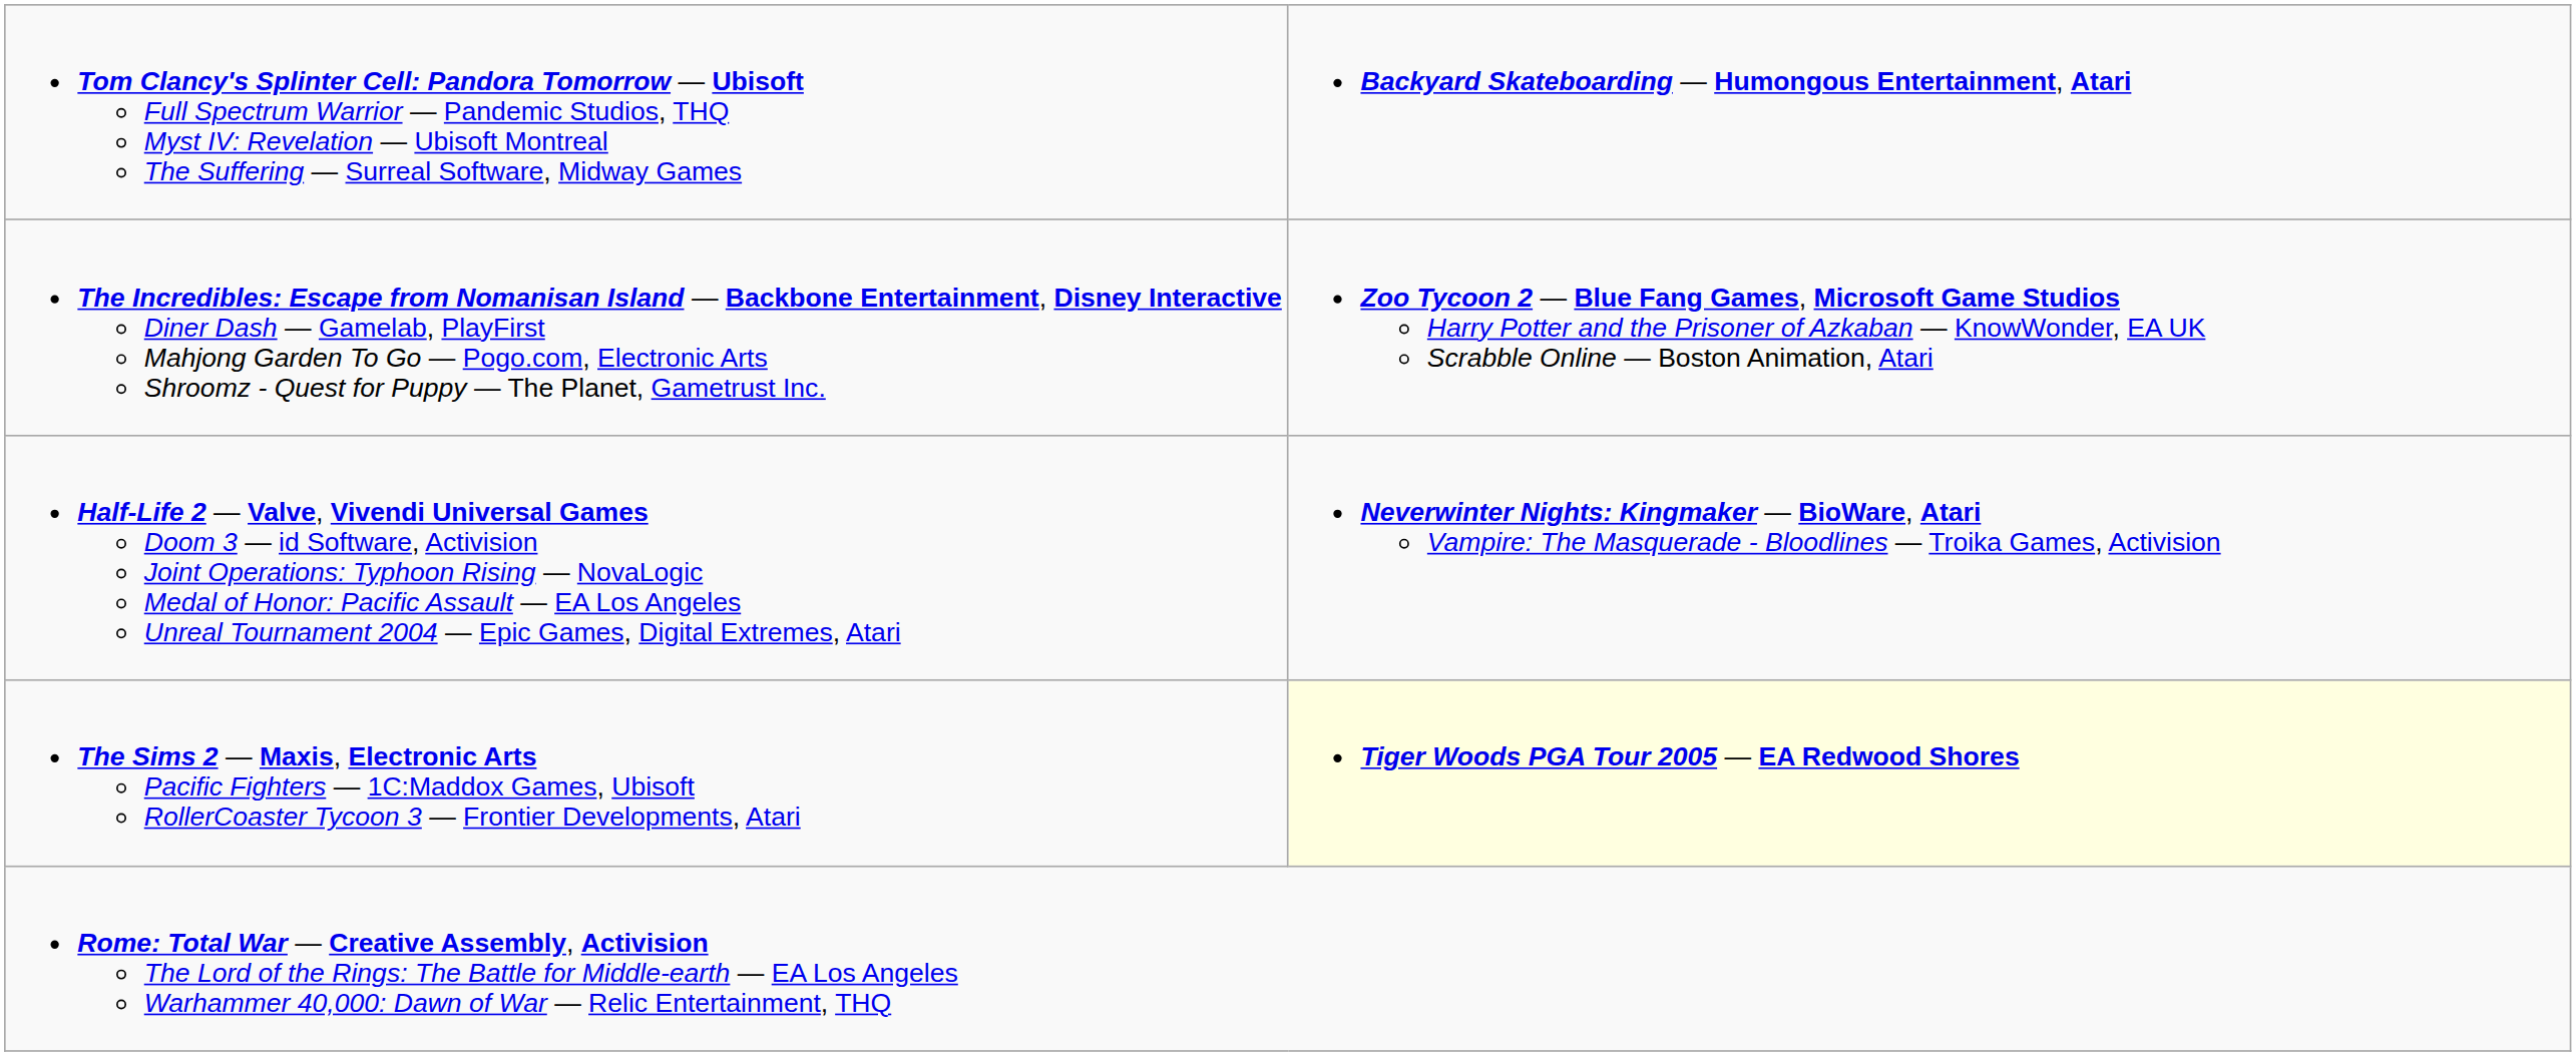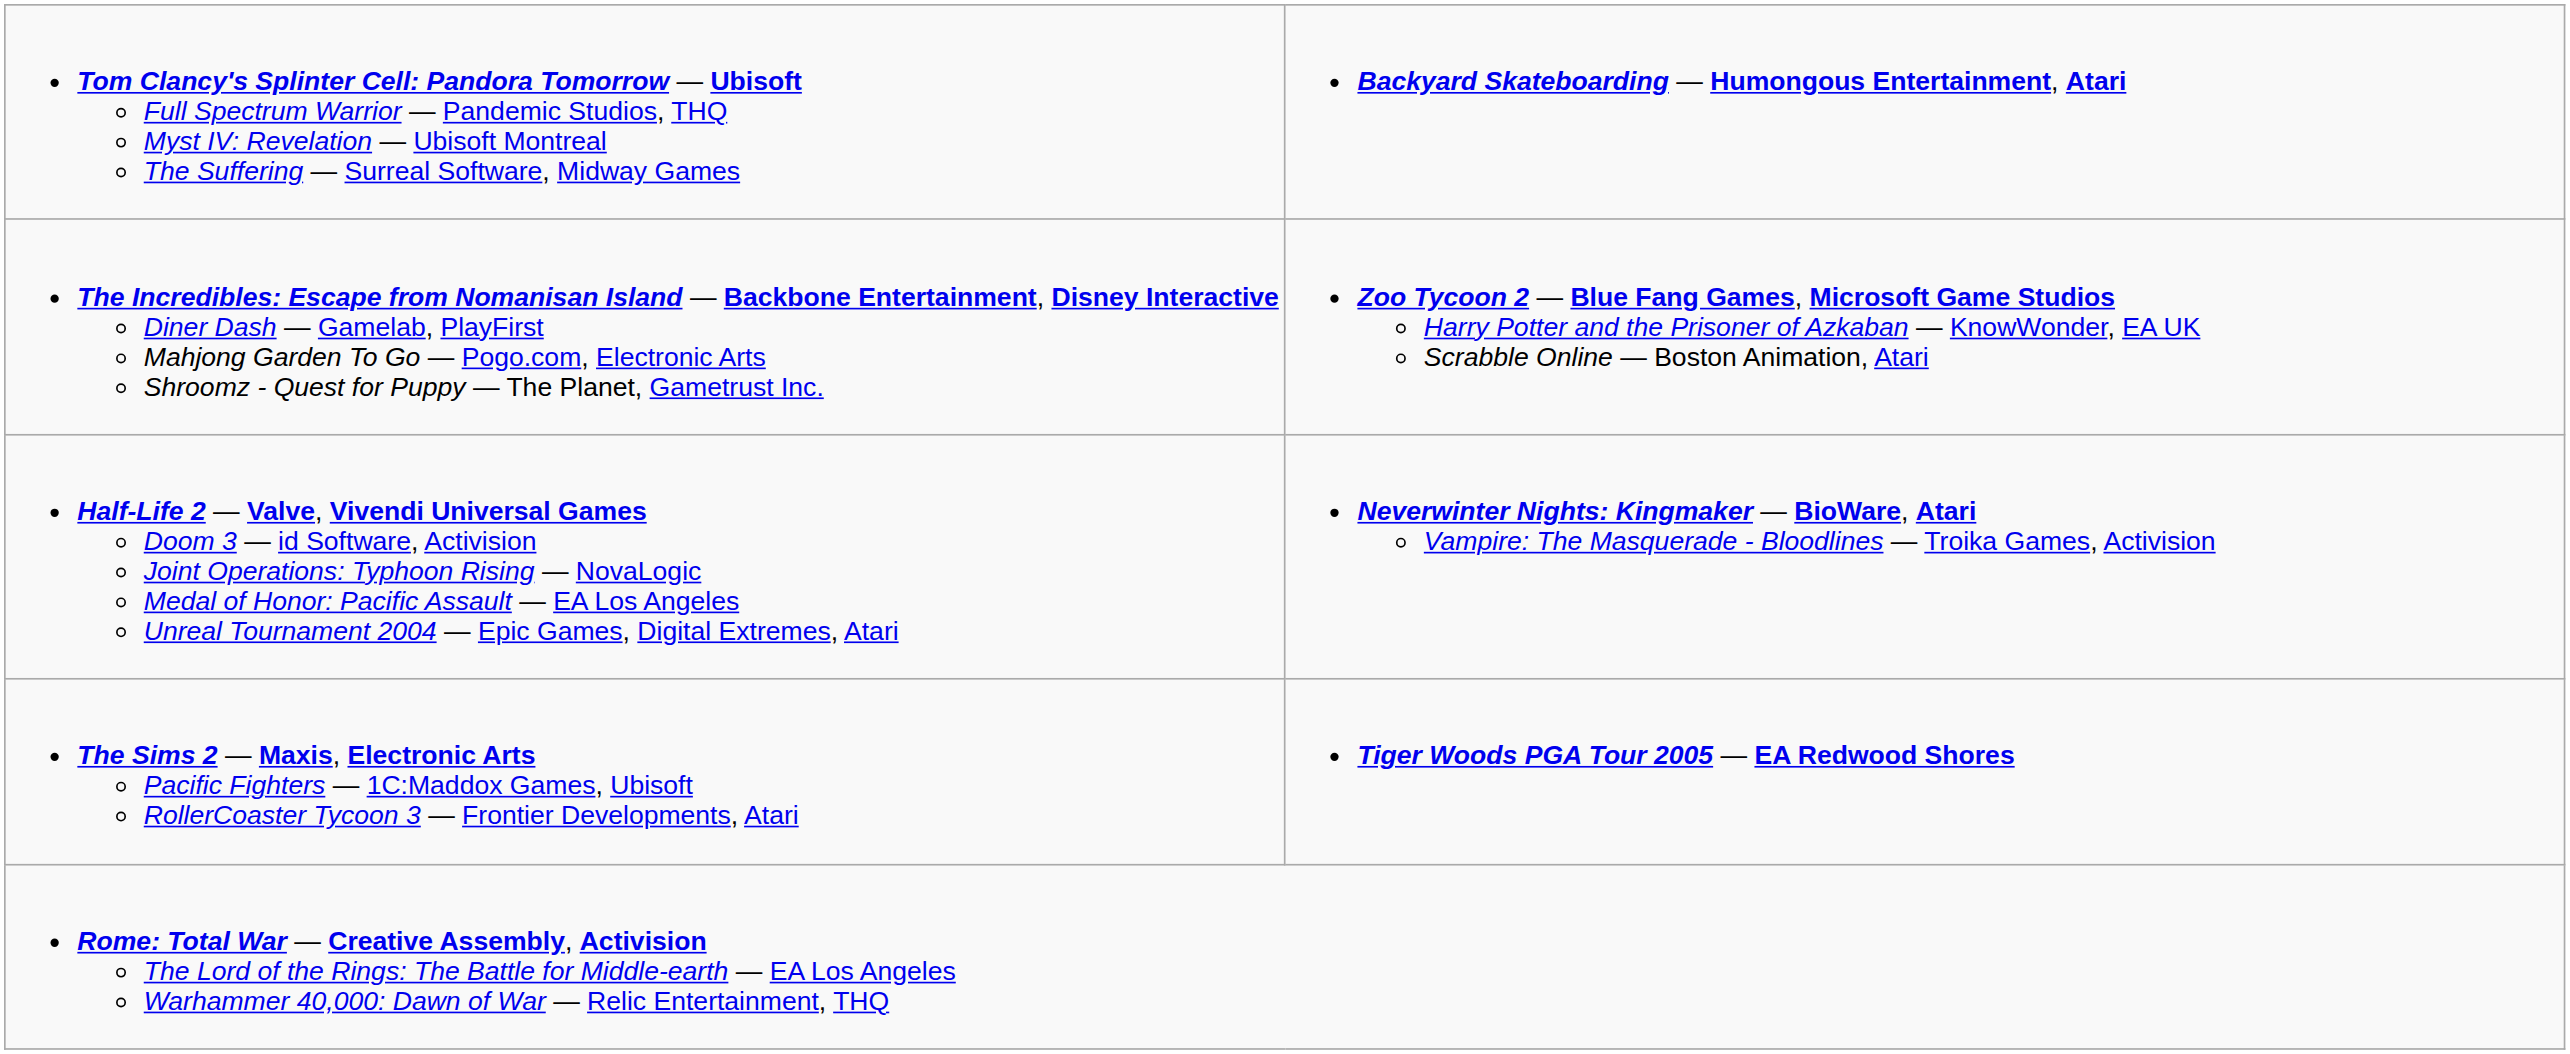 <table class="wikitable">
 <tr>
 <td valign="top" width="50%"><br><ul><li><strong><em><a href='#'>Tom Clancy's Splinter Cell: Pandora Tomorrow</a></em></strong> — <strong><a href='#'>Ubisoft</a></strong><ul><li><em><a href='#'>Full Spectrum Warrior</a></em> — <a href='#'>Pandemic Studios</a>, <a href='#'>THQ</a></li><li><em><a href='#'>Myst IV: Revelation</a></em> — <a href='#'>Ubisoft Montreal</a></li><li><em><a href='#'>The Suffering</a></em> — <a href='#'>Surreal Software</a>, <a href='#'>Midway Games</a></li></ul></li></ul></td>
 <td valign="top" width="50%"><br><ul><li><strong><em><a href='#'>Backyard Skateboarding</a></em></strong> — <strong><a href='#'>Humongous Entertainment</a></strong>, <strong><a href='#'>Atari</a></strong></li></ul></td>
 </tr>
 <tr>
 <td valign="top" width="50%"><br><ul><li><strong><em><a href='#'>The Incredibles: Escape from Nomanisan Island</a></em></strong> — <strong><a href='#'>Backbone Entertainment</a></strong>, <strong><a href='#'>Disney Interactive</a></strong><ul><li><em><a href='#'>Diner Dash</a></em> — <a href='#'>Gamelab</a>, <a href='#'>PlayFirst</a></li><li><em>Mahjong Garden To Go</em> — <a href='#'>Pogo.com</a>, <a href='#'>Electronic Arts</a></li><li><em>Shroomz - Quest for Puppy</em> — The Planet, <a href='#'>Gametrust Inc.</a></li></ul></li></ul></td>
 <td valign="top" width="50%"><br><ul><li><strong><em><a href='#'>Zoo Tycoon 2</a></em></strong> — <strong><a href='#'>Blue Fang Games</a></strong>, <strong><a href='#'>Microsoft Game Studios</a></strong><ul><li><em><a href='#'>Harry Potter and the Prisoner of Azkaban</a></em> — <a href='#'>KnowWonder</a>, <a href='#'>EA UK</a></li><li><em>Scrabble Online</em> — Boston Animation, <a href='#'>Atari</a></li></ul></li></ul></td>
 </tr>
 <tr>
 <td valign="top" width="50%"><br><ul><li><strong><em><a href='#'>Half-Life 2</a></em></strong> — <strong><a href='#'>Valve</a></strong>, <strong><a href='#'>Vivendi Universal Games</a></strong><ul><li><em><a href='#'>Doom 3</a></em> — <a href='#'>id Software</a>, <a href='#'>Activision</a></li><li><em><a href='#'>Joint Operations: Typhoon Rising</a></em> — <a href='#'>NovaLogic</a></li><li><em><a href='#'>Medal of Honor: Pacific Assault</a></em> — <a href='#'>EA Los Angeles</a></li><li><em><a href='#'>Unreal Tournament 2004</a></em> — <a href='#'>Epic Games</a>, <a href='#'>Digital Extremes</a>, <a href='#'>Atari</a></li></ul></li></ul></td>
 <td valign="top" width="50%"><br><ul><li><strong><em><a href='#'>Neverwinter Nights: Kingmaker</a></em></strong> — <strong><a href='#'>BioWare</a></strong>, <strong><a href='#'>Atari</a></strong><ul><li><em><a href='#'>Vampire: The Masquerade - Bloodlines</a></em> — <a href='#'>Troika Games</a>, <a href='#'>Activision</a></li></ul></li></ul></td>
 </tr>
 <tr>
 <td valign="top" width="50%"><br><ul><li><strong><em><a href='#'>The Sims 2</a></em></strong> — <strong><a href='#'>Maxis</a></strong>, <strong><a href='#'>Electronic Arts</a></strong><ul><li><em><a href='#'>Pacific Fighters</a></em> — <a href='#'>1C:Maddox Games</a>, <a href='#'>Ubisoft</a></li><li><em><a href='#'>RollerCoaster Tycoon 3</a></em> — <a href='#'>Frontier Developments</a>, <a href='#'>Atari</a></li></ul></li></ul></td>
-<td valign="top" width="50%" style="background: lightyellow;"><br><ul><li><strong><em><a href='#'>Tiger Woods PGA Tour 2005</a></em></strong> — <strong><a href='#'>EA Redwood Shores</a></strong></li></ul></td>
+<td valign="top" width="50%"><br><ul><li><strong><em><a href='#'>Tiger Woods PGA Tour 2005</a></em></strong> — <strong><a href='#'>EA Redwood Shores</a></strong></li></ul></td>
 </tr>
 <tr>
 <td valign="top" width="50%" colspan="2"><br><ul><li><strong><em><a href='#'>Rome: Total War</a></em></strong> — <strong><a href='#'>Creative Assembly</a></strong>, <strong><a href='#'>Activision</a></strong><ul><li><em><a href='#'>The Lord of the Rings: The Battle for Middle-earth</a></em> — <a href='#'>EA Los Angeles</a></li><li><em><a href='#'>Warhammer 40,000: Dawn of War</a></em> — <a href='#'>Relic Entertainment</a>, <a href='#'>THQ</a></li></ul></li></ul></td>
 </tr>
 </table>
